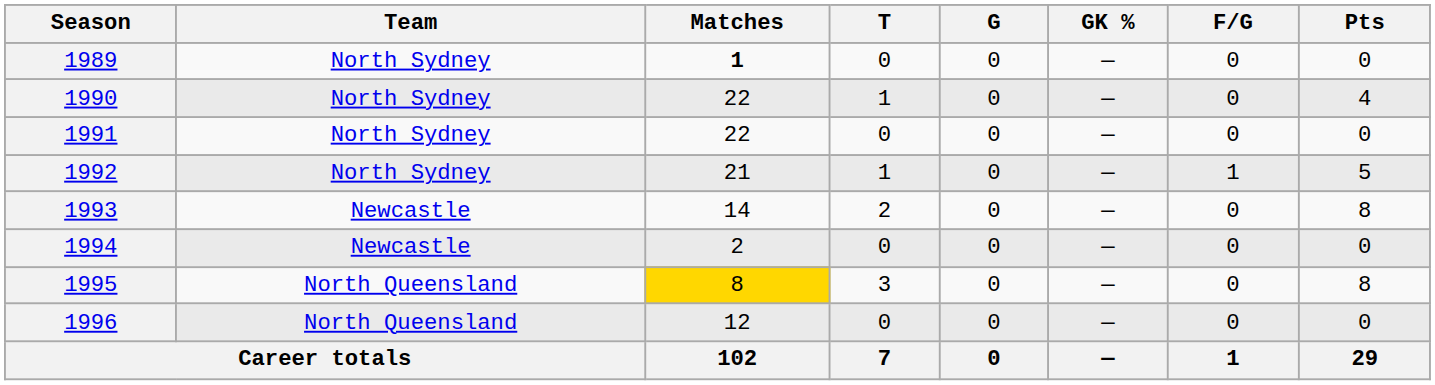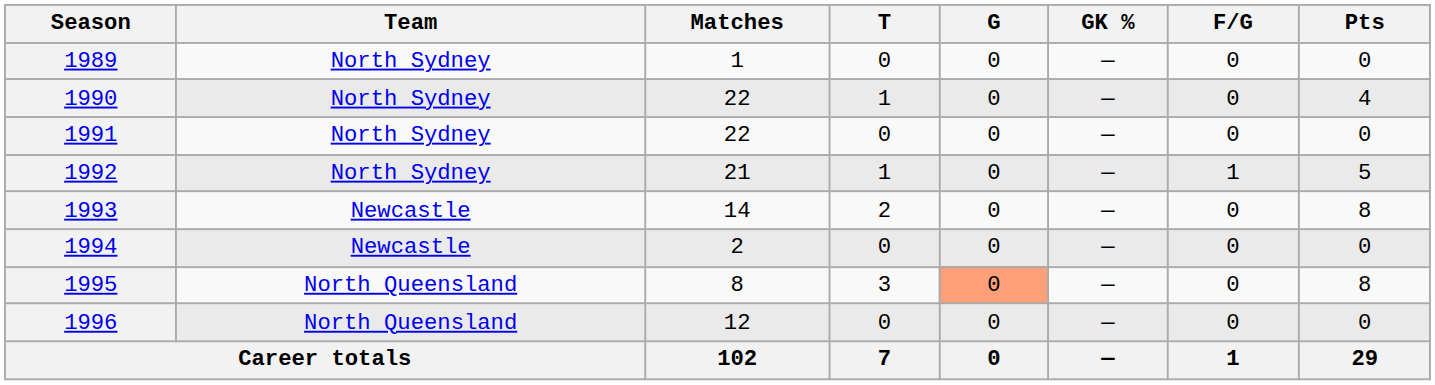 <table class="wikitable sortable"  style="font-size:90%; text-align:center; width:85%;">
 <tr>
 <th width=2%>Season</th>
 <th width=8%>Team</th>
 <th width=2%>Matches</th>
 <th width=2%>T</th>
 <th width=2%>G</th>
 <th width=2%>GK %</th>
 <th width=2%>F/G</th>
 <th width=2%>Pts</th>
 </tr>
 <tr>
 <th scope="row" style="text-align:center; font-weight:normal"><a href='#'>1989</a></th>
 <td style="text-align:center;"> <a href='#'>North Sydney</a></td>
-<td><strong>1</strong></td>
+<td>1</td>
 <td>0</td>
 <td>0</td>
 <td>—</td>
 <td>0</td>
 <td>0</td>
 </tr>
 <tr style="background-color: #EAEAEA">
 <th scope="row" style="text-align:center; font-weight:normal"><a href='#'>1990</a></th>
 <td style="text-align:center;"> <a href='#'>North Sydney</a></td>
 <td>22</td>
 <td>1</td>
 <td>0</td>
 <td>—</td>
 <td>0</td>
 <td>4</td>
 </tr>
 <tr>
 <th scope="row" style="text-align:center; font-weight:normal"><a href='#'>1991</a></th>
 <td style="text-align:center;"> <a href='#'>North Sydney</a></td>
 <td>22</td>
 <td>0</td>
 <td>0</td>
 <td>—</td>
 <td>0</td>
 <td>0</td>
 </tr>
 <tr style="background-color: #EAEAEA">
 <th scope="row" style="text-align:center; font-weight:normal"><a href='#'>1992</a></th>
 <td style="text-align:center;"> <a href='#'>North Sydney</a></td>
 <td>21</td>
 <td>1</td>
 <td>0</td>
 <td>—</td>
 <td>1</td>
 <td>5</td>
 </tr>
 <tr>
 <th scope="row" style="text-align:center; font-weight:normal"><a href='#'>1993</a></th>
 <td style="text-align:center;"> <a href='#'>Newcastle</a></td>
 <td>14</td>
 <td>2</td>
 <td>0</td>
 <td>—</td>
 <td>0</td>
 <td>8</td>
 </tr>
 <tr style="background-color: #EAEAEA">
 <th scope="row" style="text-align:center; font-weight:normal"><a href='#'>1994</a></th>
 <td style="text-align:center;"> <a href='#'>Newcastle</a></td>
 <td>2</td>
 <td>0</td>
 <td>0</td>
 <td>—</td>
 <td>0</td>
 <td>0</td>
 </tr>
 <tr>
 <th scope="row" style="text-align:center; font-weight:normal"><a href='#'>1995</a></th>
 <td style="text-align:center;"> <a href='#'>North Queensland</a></td>
-<td style="background: gold;">8</td>
+<td>8</td>
 <td>3</td>
-<td>0</td>
+<td style="background: lightsalmon;">0</td>
 <td>—</td>
 <td>0</td>
 <td>8</td>
 </tr>
 <tr style="background-color: #EAEAEA">
 <th scope="row" style="text-align:center; font-weight:normal"><a href='#'>1996</a></th>
 <td style="text-align:center;"> <a href='#'>North Queensland</a></td>
 <td>12</td>
 <td>0</td>
 <td>0</td>
 <td>—</td>
 <td>0</td>
 <td>0</td>
 </tr>
 <tr class="sortbottom">
 <th colspan=2>Career totals</th>
 <th>102</th>
 <th>7</th>
 <th>0</th>
 <th>—</th>
 <th>1</th>
 <th>29</th>
 </tr>
 </table>
